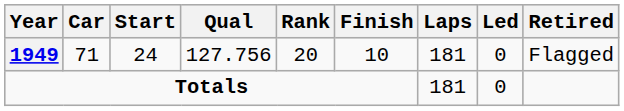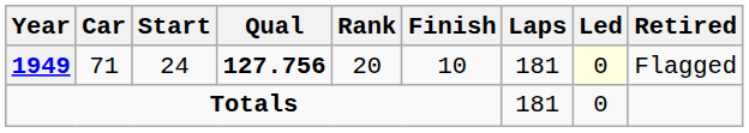 <table class="wikitable" style="text-align:center">
 <tr>
 <th>Year</th>
 <th>Car</th>
 <th>Start</th>
 <th>Qual</th>
 <th>Rank</th>
 <th>Finish</th>
 <th>Laps</th>
 <th>Led</th>
 <th>Retired</th>
 </tr>
 <tr>
 <th><a href='#'>1949</a></th>
 <td>71</td>
 <td>24</td>
-<td>127.756</td>
+<td><strong>127.756</strong></td>
 <td>20</td>
 <td>10</td>
 <td>181</td>
-<td>0</td>
+<td style="background: lightyellow;">0</td>
 <td>Flagged</td>
 </tr>
 <tr>
 <td colspan=6><strong>Totals</strong></td>
 <td>181</td>
 <td>0</td>
 <td></td>
 </tr>
 </table>
